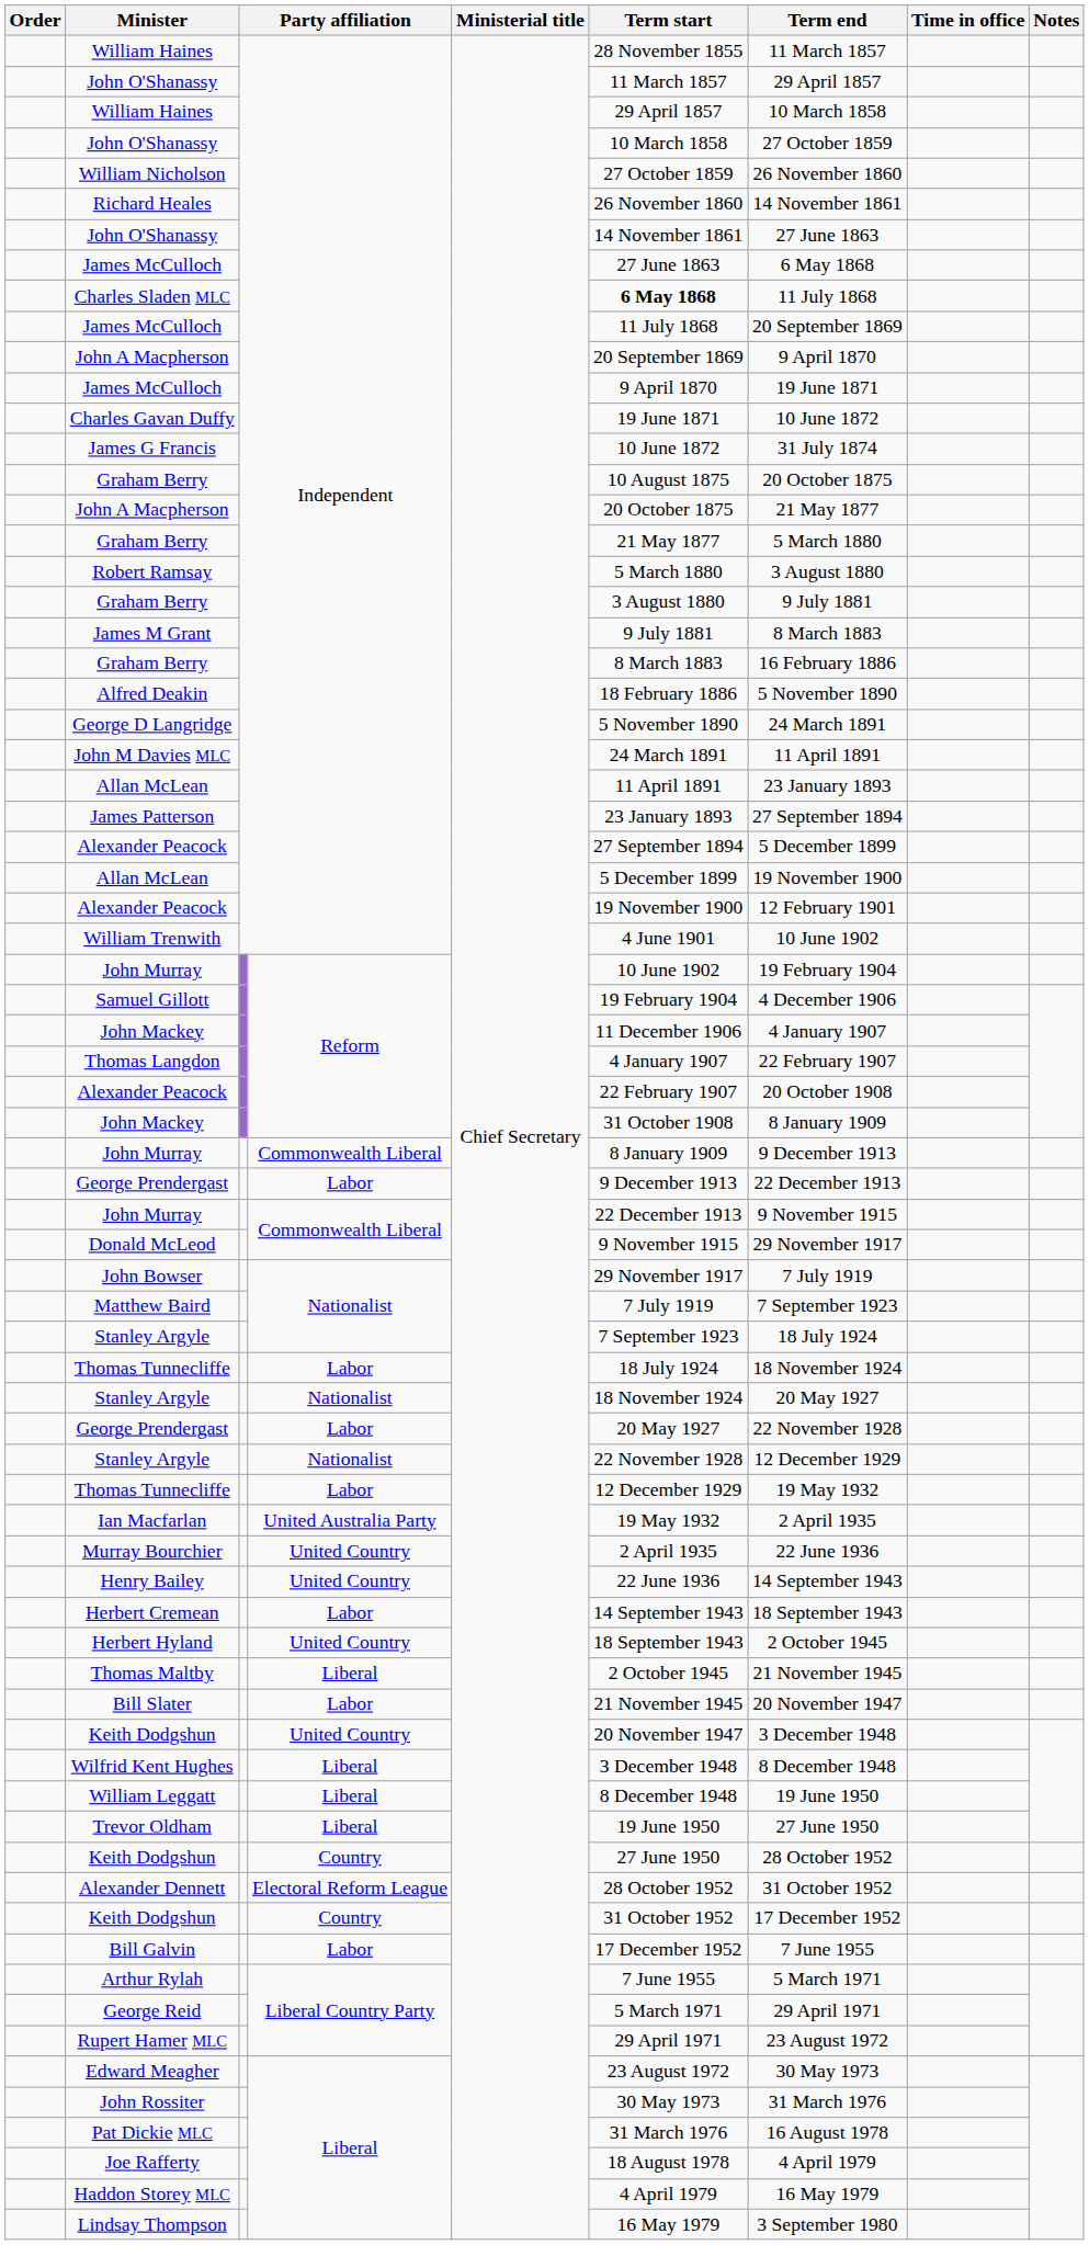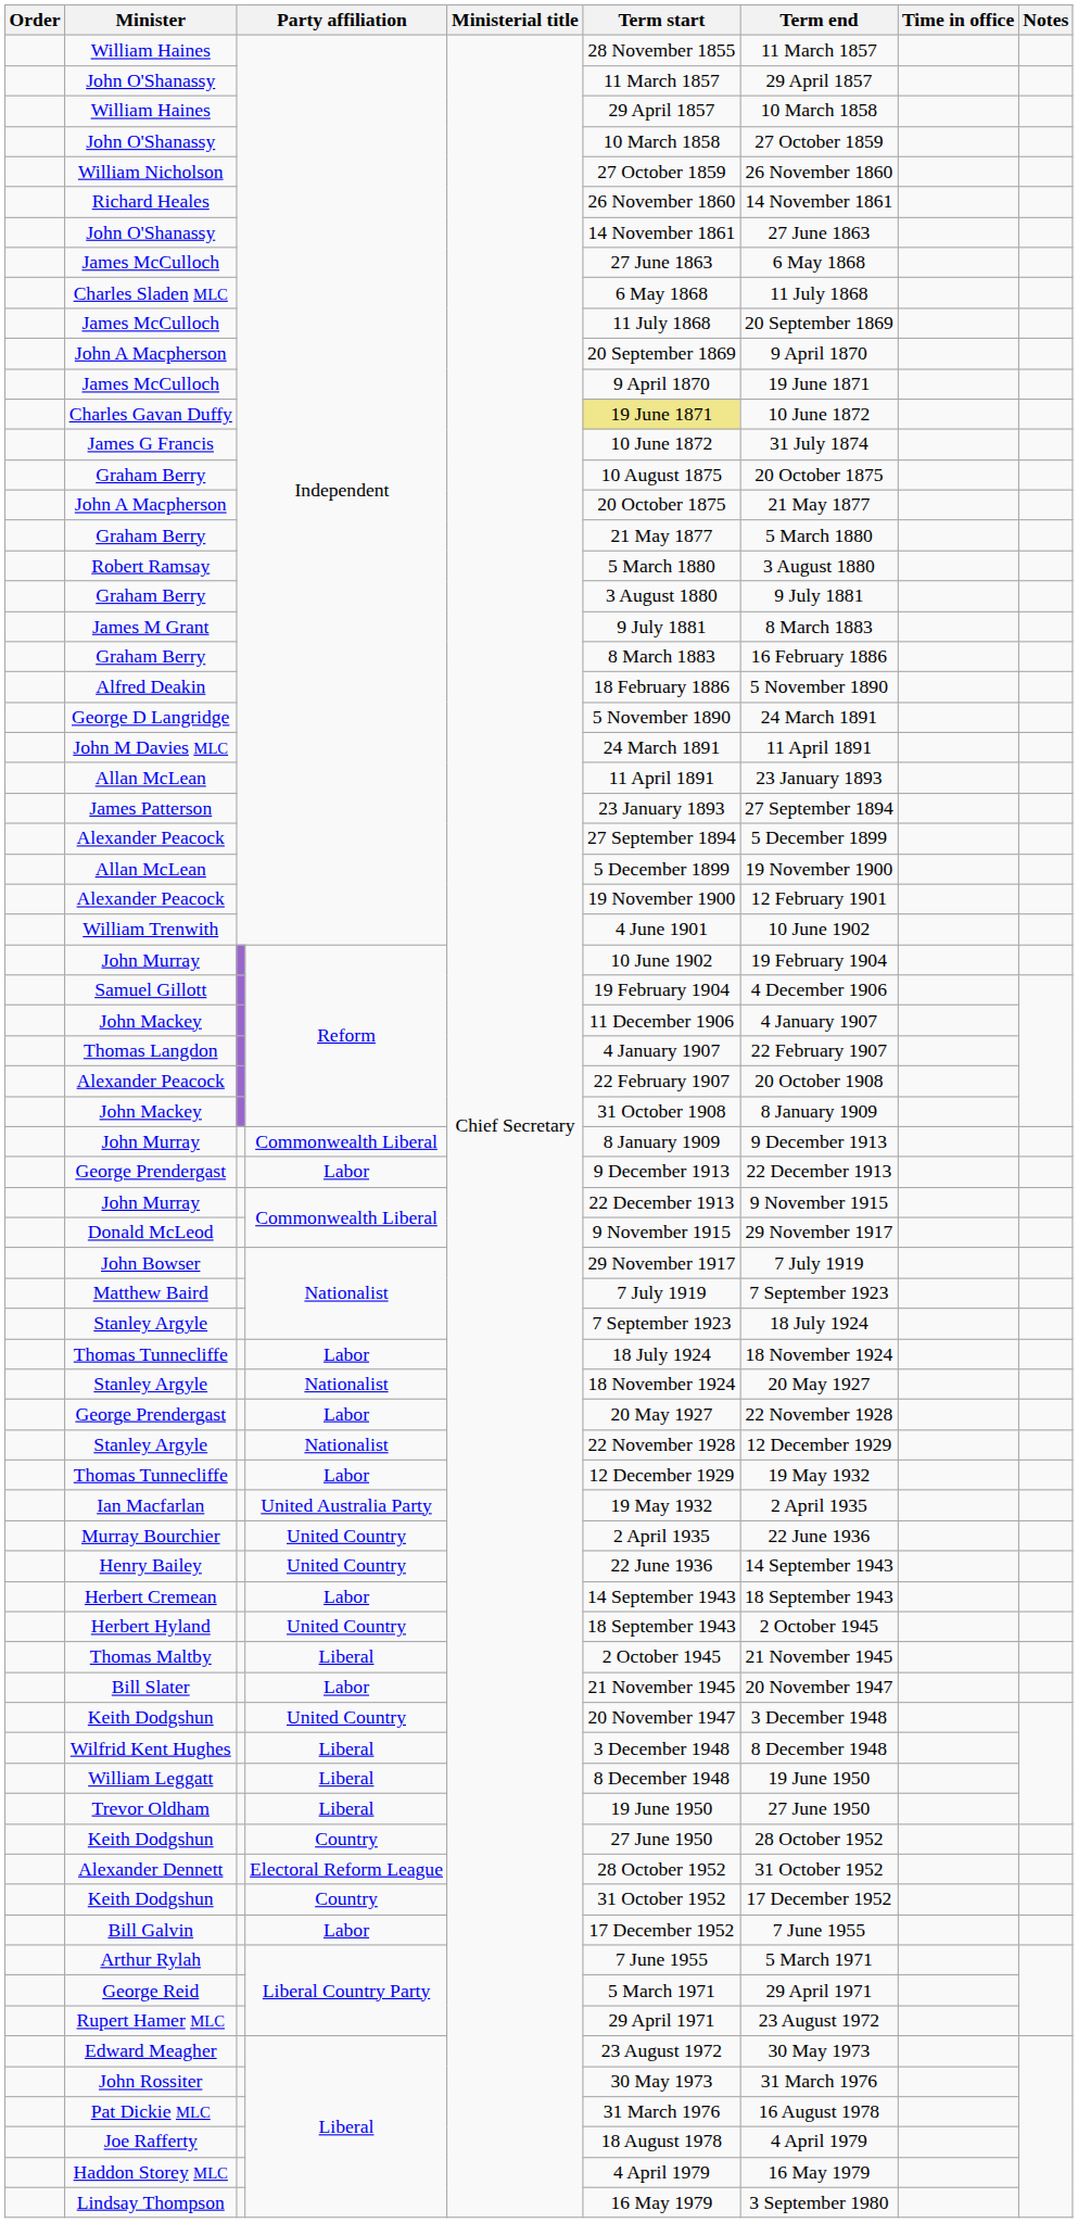 <table class="wikitable" style="text-align:center">
 <tr>
 <th>Order</th>
 <th>Minister</th>
 <th colspan="2">Party affiliation</th>
 <th>Ministerial title</th>
 <th>Term start</th>
 <th>Term end</th>
 <th>Time in office</th>
 <th>Notes</th>
 </tr>
 <tr>
 <td></td>
 <td><a href='#'>William Haines</a> </td>
 <td colspan="2" rowspan="30">Independent</td>
 <td rowspan="72">Chief Secretary</td>
 <td>28 November 1855</td>
 <td>11 March 1857</td>
 <td></td>
 <td></td>
 </tr>
 <tr>
 <td></td>
 <td><a href='#'>John O'Shanassy</a> </td>
 <td>11 March 1857</td>
 <td>29 April 1857</td>
 <td></td>
 <td></td>
 </tr>
 <tr>
 <td></td>
 <td><a href='#'>William Haines</a> </td>
 <td>29 April 1857</td>
 <td>10 March 1858</td>
 <td></td>
 <td></td>
 </tr>
 <tr>
 <td></td>
 <td><a href='#'>John O'Shanassy</a> </td>
 <td>10 March 1858</td>
 <td>27 October 1859</td>
 <td></td>
 <td></td>
 </tr>
 <tr>
 <td></td>
 <td><a href='#'>William Nicholson</a> </td>
 <td>27 October 1859</td>
 <td>26 November 1860</td>
 <td></td>
 <td></td>
 </tr>
 <tr>
 <td></td>
 <td><a href='#'>Richard Heales</a> </td>
 <td>26 November 1860</td>
 <td>14 November 1861</td>
 <td></td>
 <td></td>
 </tr>
 <tr>
 <td></td>
 <td><a href='#'>John O'Shanassy</a> </td>
 <td>14 November 1861</td>
 <td>27 June 1863</td>
 <td></td>
 <td></td>
 </tr>
 <tr>
 <td></td>
 <td><a href='#'>James McCulloch</a> </td>
 <td>27 June 1863</td>
 <td>6 May 1868</td>
 <td></td>
 <td></td>
 </tr>
 <tr>
 <td></td>
 <td><a href='#'>Charles Sladen</a> <a href='#'><small>MLC</small></a></td>
-<td><strong>6 May 1868</strong></td>
+<td>6 May 1868</td>
 <td>11 July 1868</td>
 <td></td>
 <td></td>
 </tr>
 <tr>
 <td></td>
 <td><a href='#'>James McCulloch</a> </td>
 <td>11 July 1868</td>
 <td>20 September 1869</td>
 <td></td>
 <td></td>
 </tr>
 <tr>
 <td></td>
 <td><a href='#'>John A Macpherson</a> </td>
 <td>20 September 1869</td>
 <td>9 April 1870</td>
 <td></td>
 <td></td>
 </tr>
 <tr>
 <td></td>
 <td><a href='#'>James McCulloch</a> </td>
 <td>9 April 1870</td>
 <td>19 June 1871</td>
 <td></td>
 <td></td>
 </tr>
 <tr>
 <td></td>
 <td><a href='#'>Charles Gavan Duffy</a> </td>
-<td>19 June 1871</td>
+<td style="background: khaki;">19 June 1871</td>
 <td>10 June 1872</td>
 <td></td>
 <td></td>
 </tr>
 <tr>
 <td></td>
 <td><a href='#'>James G Francis</a> </td>
 <td>10 June 1872</td>
 <td>31 July 1874</td>
 <td></td>
 <td></td>
 </tr>
 <tr>
 <td></td>
 <td><a href='#'>Graham Berry</a> </td>
 <td>10 August 1875</td>
 <td>20 October 1875</td>
 <td></td>
 <td></td>
 </tr>
 <tr>
 <td></td>
 <td><a href='#'>John A Macpherson</a> </td>
 <td>20 October 1875</td>
 <td>21 May 1877</td>
 <td></td>
 <td></td>
 </tr>
 <tr>
 <td></td>
 <td><a href='#'>Graham Berry</a> </td>
 <td>21 May 1877</td>
 <td>5 March 1880</td>
 <td></td>
 <td></td>
 </tr>
 <tr>
 <td></td>
 <td><a href='#'>Robert Ramsay</a> </td>
 <td>5 March 1880</td>
 <td>3 August 1880</td>
 <td></td>
 <td></td>
 </tr>
 <tr>
 <td></td>
 <td><a href='#'>Graham Berry</a> </td>
 <td>3 August 1880</td>
 <td>9 July 1881</td>
 <td></td>
 <td></td>
 </tr>
 <tr>
 <td></td>
 <td><a href='#'>James M Grant</a> </td>
 <td>9 July 1881</td>
 <td>8 March 1883</td>
 <td></td>
 <td></td>
 </tr>
 <tr>
 <td></td>
 <td><a href='#'>Graham Berry</a> </td>
 <td>8 March 1883</td>
 <td>16 February 1886</td>
 <td></td>
 <td></td>
 </tr>
 <tr>
 <td></td>
 <td><a href='#'>Alfred Deakin</a> </td>
 <td>18 February 1886</td>
 <td>5 November 1890</td>
 <td></td>
 <td></td>
 </tr>
 <tr>
 <td></td>
 <td><a href='#'>George D Langridge</a> </td>
 <td>5 November 1890</td>
 <td>24 March 1891</td>
 <td></td>
 <td></td>
 </tr>
 <tr>
 <td></td>
 <td><a href='#'>John M Davies</a> <a href='#'><small>MLC</small></a></td>
 <td>24 March 1891</td>
 <td>11 April 1891</td>
 <td></td>
 <td></td>
 </tr>
 <tr>
 <td></td>
 <td><a href='#'>Allan McLean</a> </td>
 <td>11 April 1891</td>
 <td>23 January 1893</td>
 <td></td>
 <td></td>
 </tr>
 <tr>
 <td></td>
 <td><a href='#'>James Patterson</a> </td>
 <td>23 January 1893</td>
 <td>27 September 1894</td>
 <td></td>
 <td></td>
 </tr>
 <tr>
 <td></td>
 <td><a href='#'>Alexander Peacock</a> </td>
 <td>27 September 1894</td>
 <td>5 December 1899</td>
 <td></td>
 <td></td>
 </tr>
 <tr>
 <td></td>
 <td><a href='#'>Allan McLean</a> </td>
 <td>5 December 1899</td>
 <td>19 November 1900</td>
 <td></td>
 <td></td>
 </tr>
 <tr>
 <td></td>
 <td><a href='#'>Alexander Peacock</a> </td>
 <td>19 November 1900</td>
 <td>12 February 1901</td>
 <td></td>
 <td></td>
 </tr>
 <tr>
 <td></td>
 <td><a href='#'>William Trenwith</a> </td>
 <td>4 June 1901</td>
 <td>10 June 1902</td>
 <td></td>
 <td></td>
 </tr>
 <tr>
 <td></td>
 <td><a href='#'>John Murray</a> </td>
 <td style="background:#9966CC"></td>
 <td rowspan="6"><a href='#'>Reform</a></td>
 <td>10 June 1902</td>
 <td>19 February 1904</td>
 <td></td>
 <td></td>
 </tr>
 <tr>
 <td></td>
 <td><a href='#'>Samuel Gillott</a> </td>
 <td style="background:#9966CC"></td>
 <td>19 February 1904</td>
 <td>4 December 1906</td>
 <td></td>
 <td rowspan="5"></td>
 </tr>
 <tr>
 <td></td>
 <td><a href='#'>John Mackey</a> </td>
 <td style="background:#9966CC"></td>
 <td>11 December 1906</td>
 <td>4 January 1907</td>
 <td></td>
 </tr>
 <tr>
 <td></td>
 <td><a href='#'>Thomas Langdon</a> </td>
 <td style="background:#9966CC"></td>
 <td>4 January 1907</td>
 <td>22 February 1907</td>
 <td></td>
 </tr>
 <tr>
 <td></td>
 <td><a href='#'>Alexander Peacock</a> </td>
 <td style="background:#9966CC"></td>
 <td>22 February 1907</td>
 <td>20 October 1908</td>
 <td></td>
 </tr>
 <tr>
 <td></td>
 <td><a href='#'>John Mackey</a> </td>
 <td style="background:#9966CC"></td>
 <td>31 October 1908</td>
 <td>8 January 1909</td>
 <td></td>
 </tr>
 <tr>
 <td></td>
 <td><a href='#'>John Murray</a> </td>
 <td></td>
 <td><a href='#'>Commonwealth Liberal</a></td>
 <td>8 January 1909</td>
 <td>9 December 1913</td>
 <td></td>
 <td></td>
 </tr>
 <tr>
 <td></td>
 <td><a href='#'>George Prendergast</a> </td>
 <td></td>
 <td><a href='#'>Labor</a></td>
 <td>9 December 1913</td>
 <td>22 December 1913</td>
 <td></td>
 <td></td>
 </tr>
 <tr>
 <td></td>
 <td><a href='#'>John Murray</a> </td>
 <td></td>
 <td rowspan="2"><a href='#'>Commonwealth Liberal</a></td>
 <td>22 December 1913</td>
 <td>9 November 1915</td>
 <td></td>
 <td></td>
 </tr>
 <tr>
 <td></td>
 <td><a href='#'>Donald McLeod</a> </td>
 <td></td>
 <td>9 November 1915</td>
 <td>29 November 1917</td>
 <td></td>
 <td></td>
 </tr>
 <tr>
 <td></td>
 <td><a href='#'>John Bowser</a> </td>
 <td></td>
 <td rowspan="3"><a href='#'>Nationalist</a></td>
 <td>29 November 1917</td>
 <td>7 July 1919</td>
 <td></td>
 <td></td>
 </tr>
 <tr>
 <td></td>
 <td><a href='#'>Matthew Baird</a> </td>
 <td></td>
 <td>7 July 1919</td>
 <td>7 September 1923</td>
 <td></td>
 <td></td>
 </tr>
 <tr>
 <td></td>
 <td><a href='#'>Stanley Argyle</a> </td>
 <td></td>
 <td>7 September 1923</td>
 <td>18 July 1924</td>
 <td></td>
 <td></td>
 </tr>
 <tr>
 <td></td>
 <td><a href='#'>Thomas Tunnecliffe</a> </td>
 <td></td>
 <td><a href='#'>Labor</a></td>
 <td>18 July 1924</td>
 <td>18 November 1924</td>
 <td></td>
 <td></td>
 </tr>
 <tr>
 <td></td>
 <td><a href='#'>Stanley Argyle</a> </td>
 <td></td>
 <td><a href='#'>Nationalist</a></td>
 <td>18 November 1924</td>
 <td>20 May 1927</td>
 <td></td>
 <td></td>
 </tr>
 <tr>
 <td></td>
 <td><a href='#'>George Prendergast</a> </td>
 <td></td>
 <td><a href='#'>Labor</a></td>
 <td>20 May 1927</td>
 <td>22 November 1928</td>
 <td></td>
 <td></td>
 </tr>
 <tr>
 <td></td>
 <td><a href='#'>Stanley Argyle</a> </td>
 <td></td>
 <td><a href='#'>Nationalist</a></td>
 <td>22 November 1928</td>
 <td>12 December 1929</td>
 <td></td>
 <td></td>
 </tr>
 <tr>
 <td></td>
 <td><a href='#'>Thomas Tunnecliffe</a> </td>
 <td></td>
 <td><a href='#'>Labor</a></td>
 <td>12 December 1929</td>
 <td>19 May 1932</td>
 <td></td>
 <td></td>
 </tr>
 <tr>
 <td></td>
 <td><a href='#'>Ian Macfarlan</a> </td>
 <td></td>
 <td><a href='#'>United Australia Party</a></td>
 <td>19 May 1932</td>
 <td>2 April 1935</td>
 <td></td>
 <td></td>
 </tr>
 <tr>
 <td></td>
 <td><a href='#'>Murray Bourchier</a> </td>
 <td></td>
 <td><a href='#'>United Country</a></td>
 <td>2 April 1935</td>
 <td>22 June 1936</td>
 <td></td>
 <td></td>
 </tr>
 <tr>
 <td></td>
 <td><a href='#'>Henry Bailey</a> </td>
 <td></td>
 <td><a href='#'>United Country</a></td>
 <td>22 June 1936</td>
 <td>14 September 1943</td>
 <td></td>
 <td></td>
 </tr>
 <tr>
 <td></td>
 <td><a href='#'>Herbert Cremean</a> </td>
 <td></td>
 <td><a href='#'>Labor</a></td>
 <td>14 September 1943</td>
 <td>18 September 1943</td>
 <td></td>
 <td></td>
 </tr>
 <tr>
 <td></td>
 <td><a href='#'>Herbert Hyland</a> </td>
 <td></td>
 <td><a href='#'>United Country</a></td>
 <td>18 September 1943</td>
 <td>2 October 1945</td>
 <td></td>
 <td></td>
 </tr>
 <tr>
 <td></td>
 <td><a href='#'>Thomas Maltby</a> </td>
 <td></td>
 <td><a href='#'>Liberal</a></td>
 <td>2 October 1945</td>
 <td>21 November 1945</td>
 <td></td>
 <td></td>
 </tr>
 <tr>
 <td></td>
 <td><a href='#'>Bill Slater</a> </td>
 <td></td>
 <td><a href='#'>Labor</a></td>
 <td>21 November 1945</td>
 <td>20 November 1947</td>
 <td></td>
 <td></td>
 </tr>
 <tr>
 <td></td>
 <td><a href='#'>Keith Dodgshun</a> </td>
 <td></td>
 <td><a href='#'>United Country</a></td>
 <td>20 November 1947</td>
 <td>3 December 1948</td>
 <td></td>
 <td rowspan="4"></td>
 </tr>
 <tr>
 <td></td>
 <td><a href='#'>Wilfrid Kent Hughes</a> </td>
 <td></td>
 <td><a href='#'>Liberal</a></td>
 <td>3 December 1948</td>
 <td>8 December 1948</td>
 <td></td>
 </tr>
 <tr>
 <td></td>
 <td><a href='#'>William Leggatt</a> </td>
 <td></td>
 <td><a href='#'>Liberal</a></td>
 <td>8 December 1948</td>
 <td>19 June 1950</td>
 <td></td>
 </tr>
 <tr>
 <td></td>
 <td><a href='#'>Trevor Oldham</a> </td>
 <td></td>
 <td><a href='#'>Liberal</a></td>
 <td>19 June 1950</td>
 <td>27 June 1950</td>
 <td></td>
 </tr>
 <tr>
 <td></td>
 <td><a href='#'>Keith Dodgshun</a> </td>
 <td></td>
 <td><a href='#'>Country</a></td>
 <td>27 June 1950</td>
 <td>28 October 1952</td>
 <td></td>
 <td></td>
 </tr>
 <tr>
 <td></td>
 <td><a href='#'>Alexander Dennett</a> </td>
 <td></td>
 <td><a href='#'>Electoral Reform League</a></td>
 <td>28 October 1952</td>
 <td>31 October 1952</td>
 <td></td>
 <td></td>
 </tr>
 <tr>
 <td></td>
 <td><a href='#'>Keith Dodgshun</a> </td>
 <td></td>
 <td><a href='#'>Country</a></td>
 <td>31 October 1952</td>
 <td>17 December 1952</td>
 <td></td>
 <td></td>
 </tr>
 <tr>
 <td></td>
 <td><a href='#'>Bill Galvin</a> </td>
 <td></td>
 <td><a href='#'>Labor</a></td>
 <td>17 December 1952</td>
 <td>7 June 1955</td>
 <td></td>
 <td></td>
 </tr>
 <tr>
 <td></td>
 <td><a href='#'>Arthur Rylah</a> </td>
 <td></td>
 <td rowspan="3"><a href='#'>Liberal Country Party</a></td>
 <td>7 June 1955</td>
 <td>5 March 1971</td>
 <td></td>
 <td rowspan="3"></td>
 </tr>
 <tr>
 <td></td>
 <td><a href='#'>George Reid</a> </td>
 <td></td>
 <td>5 March 1971</td>
 <td>29 April 1971</td>
 <td></td>
 </tr>
 <tr>
 <td></td>
 <td><a href='#'>Rupert Hamer</a> <a href='#'><small>MLC</small></a></td>
 <td></td>
 <td>29 April 1971</td>
 <td>23 August 1972</td>
 <td></td>
 </tr>
 <tr>
 <td></td>
 <td><a href='#'>Edward Meagher</a> </td>
 <td></td>
 <td rowspan="6"><a href='#'>Liberal</a></td>
 <td>23 August 1972</td>
 <td>30 May 1973</td>
 <td></td>
 <td rowspan="6"></td>
 </tr>
 <tr>
 <td></td>
 <td><a href='#'>John Rossiter</a> </td>
 <td></td>
 <td>30 May 1973</td>
 <td>31 March 1976</td>
 <td></td>
 </tr>
 <tr>
 <td></td>
 <td><a href='#'>Pat Dickie</a> <a href='#'><small>MLC</small></a></td>
 <td></td>
 <td>31 March 1976</td>
 <td>16 August 1978</td>
 <td></td>
 </tr>
 <tr>
 <td></td>
 <td><a href='#'>Joe Rafferty</a> </td>
 <td></td>
 <td>18 August 1978</td>
 <td>4 April 1979</td>
 <td></td>
 </tr>
 <tr>
 <td></td>
 <td><a href='#'>Haddon Storey</a> <a href='#'><small>MLC</small></a></td>
 <td></td>
 <td>4 April 1979</td>
 <td>16 May 1979</td>
 <td></td>
 </tr>
 <tr>
 <td></td>
 <td><a href='#'>Lindsay Thompson</a> </td>
 <td></td>
 <td>16 May 1979</td>
 <td>3 September 1980</td>
 <td></td>
 </tr>
 </table>
